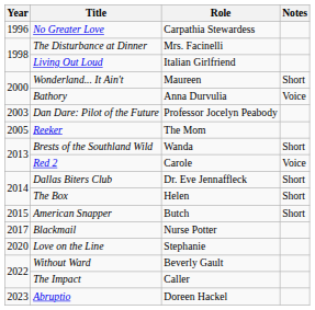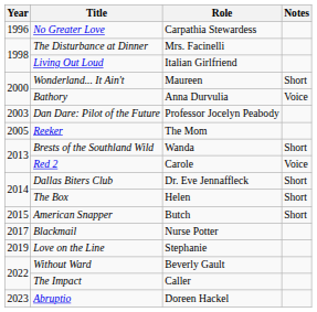 <table class="wikitable sortable plainrowheaders">
 <tr style="text-align:center;">
 <th scope="col">Year</th>
 <th scope="col">Title</th>
 <th scope="col">Role</th>
 <th scope="col">Notes</th>
 </tr>
 <tr>
 <td>1996</td>
 <td><em><a href='#'>No Greater Love</a></em></td>
 <td>Carpathia Stewardess</td>
 <td></td>
 </tr>
 <tr>
 <td rowspan="2">1998</td>
 <td><em>The Disturbance at Dinner</em></td>
 <td>Mrs. Facinelli</td>
 <td></td>
 </tr>
 <tr>
 <td><em><a href='#'>Living Out Loud</a></em></td>
 <td>Italian Girlfriend</td>
 <td></td>
 </tr>
 <tr>
 <td rowspan="2">2000</td>
 <td><em>Wonderland... It Ain't</em></td>
 <td>Maureen</td>
 <td>Short</td>
 </tr>
 <tr>
 <td><em>Bathory</em></td>
 <td>Anna Durvulia</td>
 <td>Voice</td>
 </tr>
 <tr>
 <td>2003</td>
 <td><em>Dan Dare: Pilot of the Future</em></td>
 <td>Professor Jocelyn Peabody</td>
 <td></td>
 </tr>
 <tr>
 <td>2005</td>
 <td><em><a href='#'>Reeker</a></em></td>
 <td>The Mom</td>
 <td></td>
 </tr>
 <tr>
 <td rowspan="2">2013</td>
 <td><em>Brests of the Southland Wild</em></td>
 <td>Wanda</td>
 <td>Short</td>
 </tr>
 <tr>
 <td><em><a href='#'>Red 2</a></em></td>
 <td>Carole</td>
 <td>Voice</td>
 </tr>
 <tr>
 <td rowspan="2">2014</td>
 <td><em>Dallas Biters Club</em></td>
 <td>Dr. Eve Jennaffleck</td>
 <td>Short</td>
 </tr>
 <tr>
 <td><em>The Box</em></td>
 <td>Helen</td>
 <td>Short</td>
 </tr>
 <tr>
 <td>2015</td>
 <td><em>American Snapper</em></td>
 <td>Butch</td>
 <td>Short</td>
 </tr>
 <tr>
 <td>2017</td>
 <td><em>Blackmail</em></td>
 <td>Nurse Potter</td>
 <td></td>
 </tr>
 <tr>
-<td>2020</td>
+<td>2019</td>
 <td><em>Love on the Line</em></td>
 <td>Stephanie</td>
 <td></td>
 </tr>
 <tr>
 <td rowspan="2">2022</td>
 <td><em>Without Ward</em></td>
 <td>Beverly Gault</td>
 <td></td>
 </tr>
 <tr>
 <td><em>The Impact</em></td>
 <td>Caller</td>
 <td></td>
 </tr>
 <tr>
 <td>2023</td>
 <td><em><a href='#'>Abruptio</a></em></td>
 <td>Doreen Hackel</td>
 <td></td>
 </tr>
 </table>
